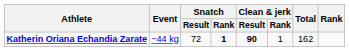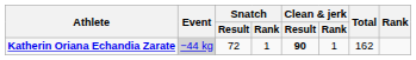 <table class="wikitable" style="font-size:90%">
 <tr>
 <th rowspan="2">Athlete</th>
 <th rowspan="2">Event</th>
 <th colspan="2">Snatch</th>
 <th colspan="2">Clean & jerk</th>
 <th rowspan="2">Total</th>
 <th rowspan="2">Rank</th>
 </tr>
 <tr style="font-size:95%">
 <th>Result</th>
 <th>Rank</th>
 <th>Result</th>
 <th>Rank</th>
 </tr>
 <tr align=center>
 <td align=left><strong><a href='#'>Katherin Oriana Echandia Zarate</a></strong></td>
-<td align=left><a href='#'>−44 kg</a></td>
+<td align=left style="background: lightgrey;"><a href='#'>−44 kg</a></td>
 <td>72</td>
-<td><strong>1</strong></td>
+<td>1</td>
 <td><strong>90</strong></td>
 <td>1</td>
 <td>162</td>
 <td></td>
 </tr>
 </table>
